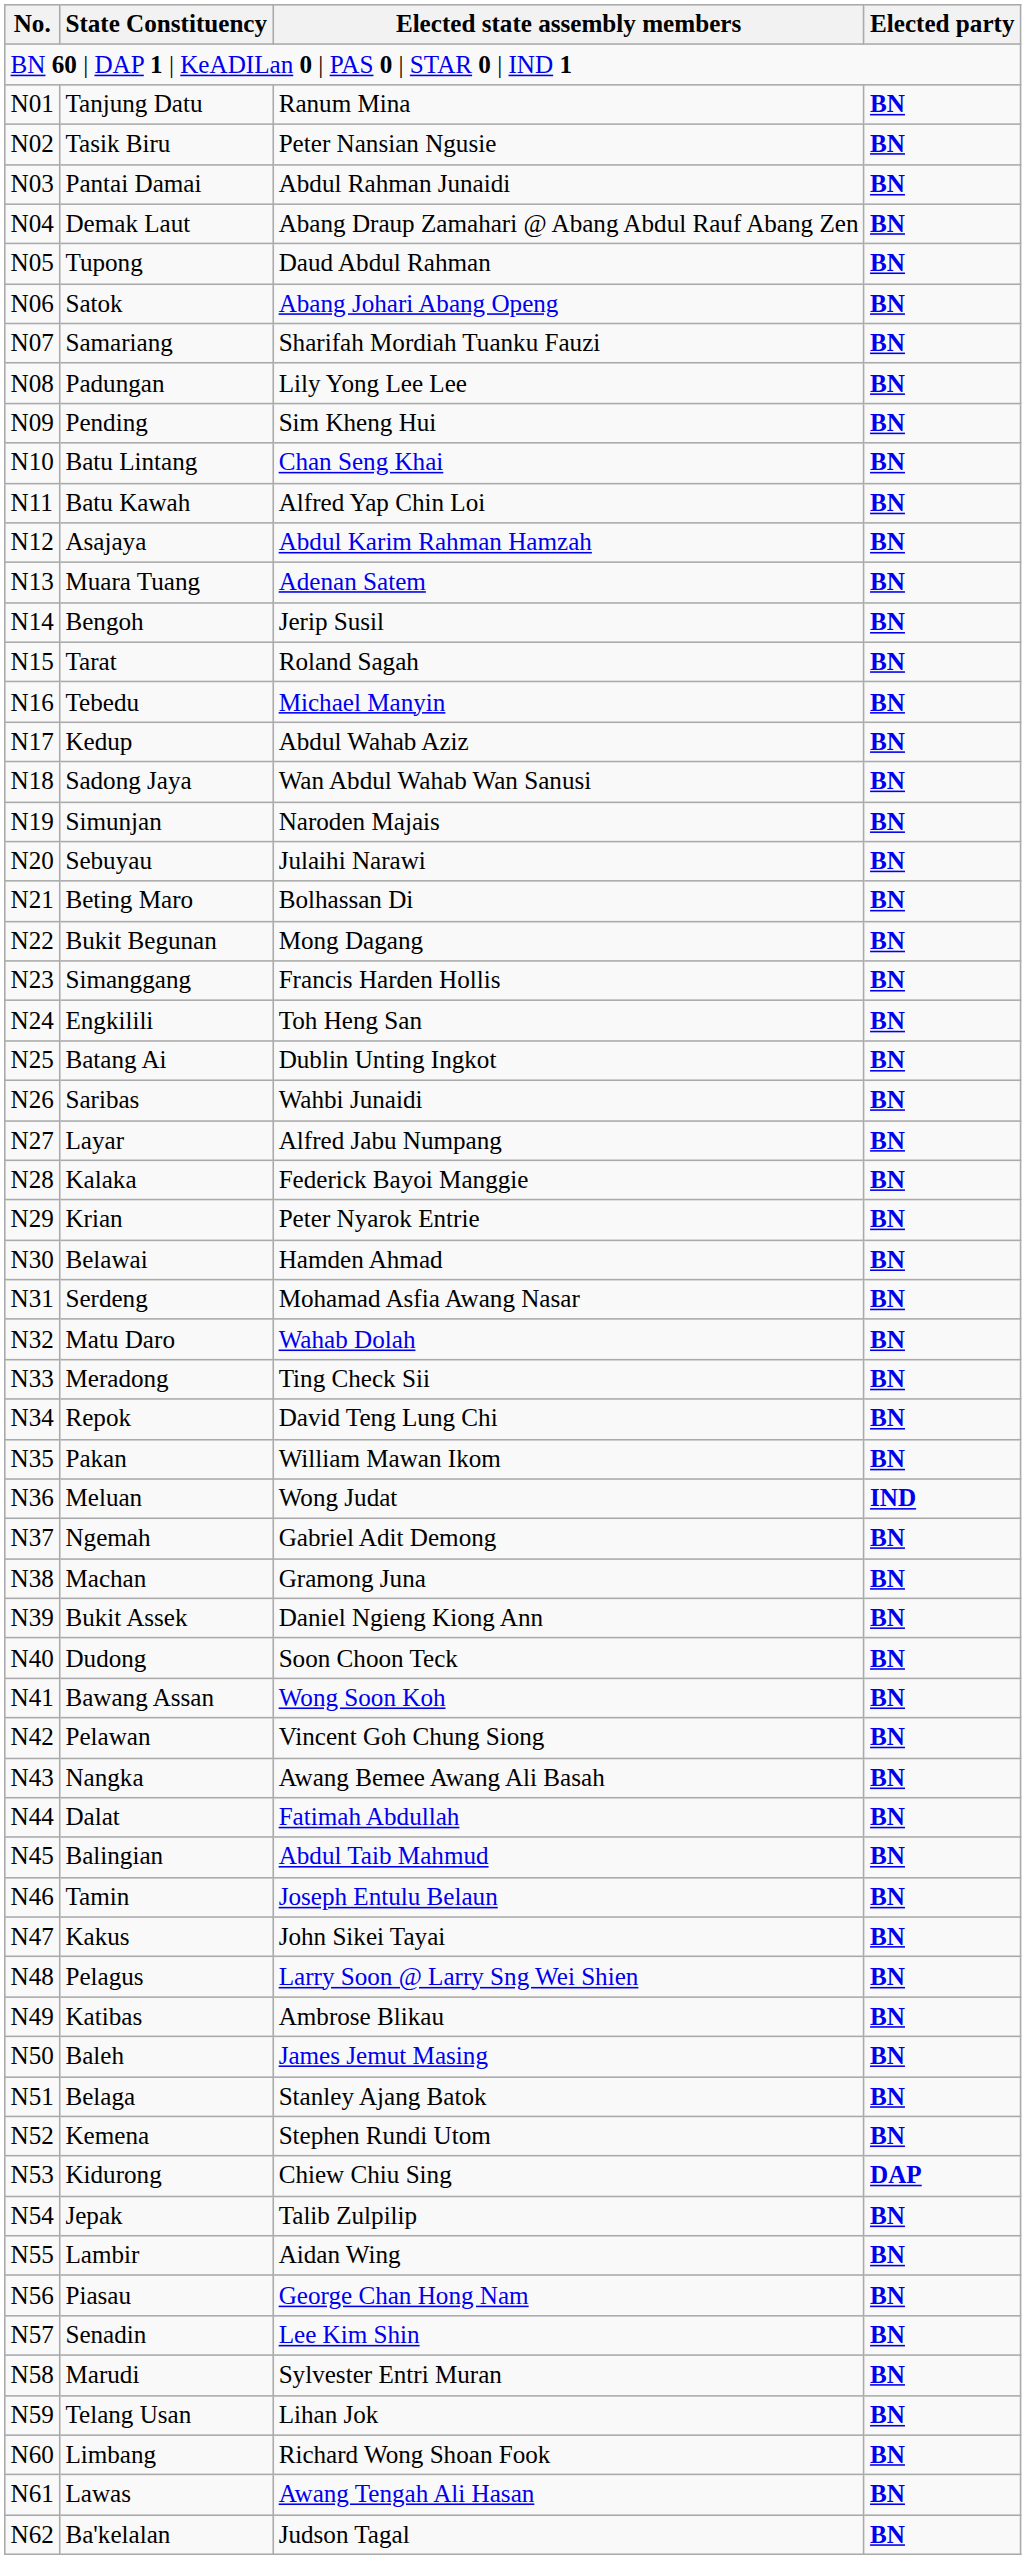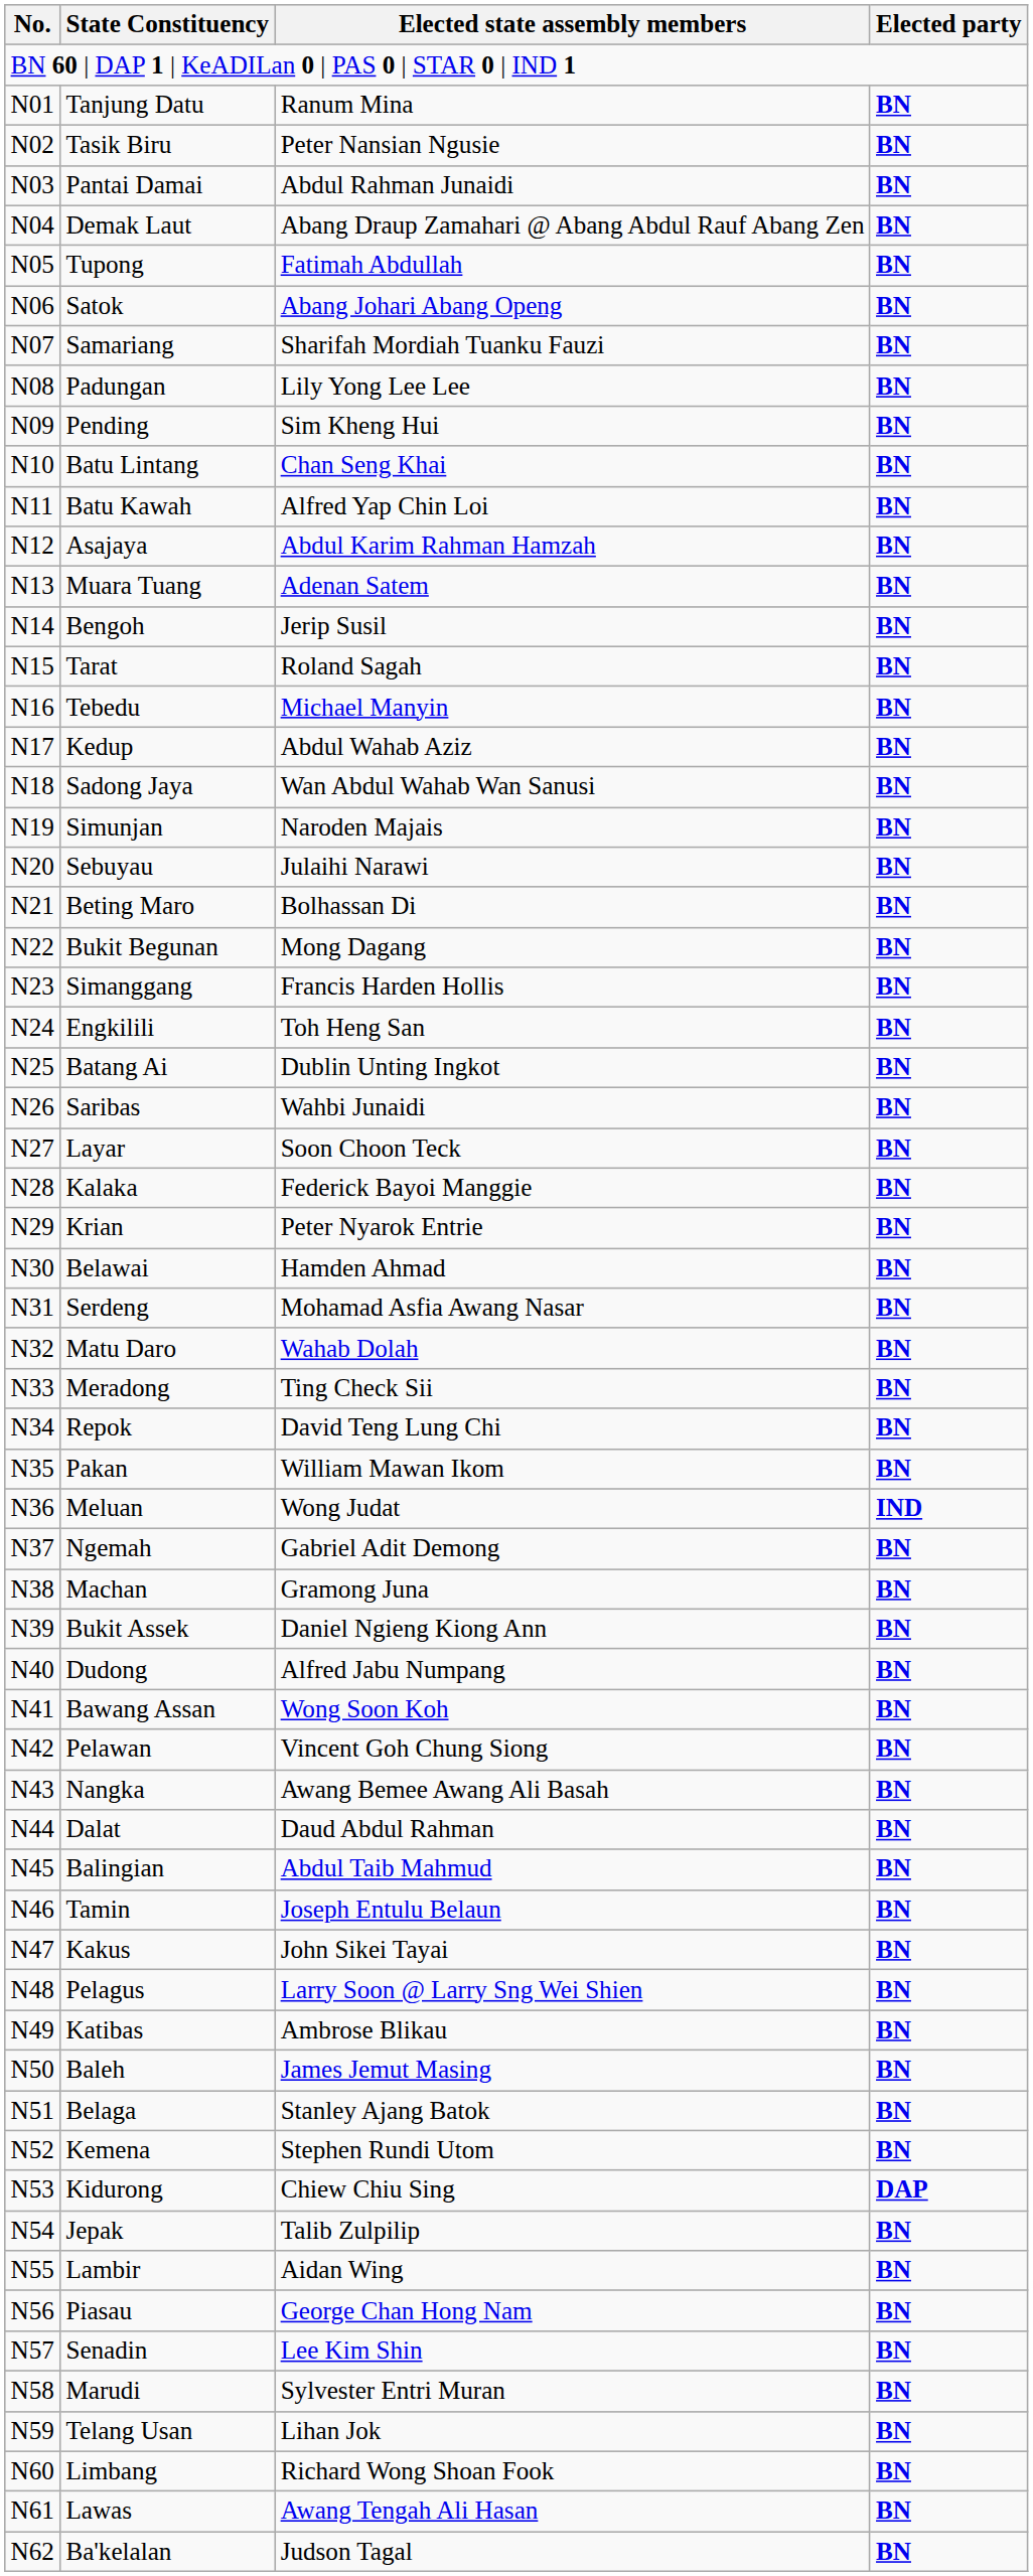 <table class="wikitable">
 <tr>
 <th>No.</th>
 <th>State Constituency</th>
 <th>Elected state assembly members</th>
 <th>Elected party</th>
 </tr>
 <tr>
 <td colspan = "8"><a href='#'>BN</a> <strong>60</strong> | <a href='#'>DAP</a> <strong>1</strong> | <a href='#'>KeADILan</a> <strong>0</strong> | <a href='#'>PAS</a> <strong>0</strong> | <a href='#'>STAR</a> <strong>0</strong> | <a href='#'>IND</a> <strong>1</strong></td>
 </tr>
 <tr>
 <td>N01</td>
 <td>Tanjung Datu</td>
 <td>Ranum Mina</td>
 <td><strong><a href='#'>BN</a></strong></td>
 </tr>
 <tr>
 <td>N02</td>
 <td>Tasik Biru</td>
 <td>Peter Nansian Ngusie</td>
 <td><strong><a href='#'>BN</a></strong></td>
 </tr>
 <tr>
 <td>N03</td>
 <td>Pantai Damai</td>
 <td>Abdul Rahman Junaidi</td>
 <td><strong><a href='#'>BN</a></strong></td>
 </tr>
 <tr>
 <td>N04</td>
 <td>Demak Laut</td>
 <td>Abang Draup Zamahari @ Abang Abdul Rauf Abang Zen</td>
 <td><strong><a href='#'>BN</a></strong></td>
 </tr>
 <tr>
 <td>N05</td>
 <td>Tupong</td>
-<td>Daud Abdul Rahman</td>
+<td><a href='#'>Fatimah Abdullah</a></td>
 <td><strong><a href='#'>BN</a></strong></td>
 </tr>
 <tr>
 <td>N06</td>
 <td>Satok</td>
 <td><a href='#'>Abang Johari Abang Openg</a></td>
 <td><strong><a href='#'>BN</a></strong></td>
 </tr>
 <tr>
 <td>N07</td>
 <td>Samariang</td>
 <td>Sharifah Mordiah Tuanku Fauzi</td>
 <td><strong><a href='#'>BN</a></strong></td>
 </tr>
 <tr>
 <td>N08</td>
 <td>Padungan</td>
 <td>Lily Yong Lee Lee</td>
 <td><strong><a href='#'>BN</a></strong></td>
 </tr>
 <tr>
 <td>N09</td>
 <td>Pending</td>
 <td>Sim Kheng Hui</td>
 <td><strong><a href='#'>BN</a></strong></td>
 </tr>
 <tr>
 <td>N10</td>
 <td>Batu Lintang</td>
 <td><a href='#'>Chan Seng Khai</a></td>
 <td><strong><a href='#'>BN</a></strong></td>
 </tr>
 <tr>
 <td>N11</td>
 <td>Batu Kawah</td>
 <td>Alfred Yap Chin Loi</td>
 <td><strong><a href='#'>BN</a></strong></td>
 </tr>
 <tr>
 <td>N12</td>
 <td>Asajaya</td>
 <td><a href='#'>Abdul Karim Rahman Hamzah</a></td>
 <td><strong><a href='#'>BN</a></strong></td>
 </tr>
 <tr>
 <td>N13</td>
 <td>Muara Tuang</td>
 <td><a href='#'>Adenan Satem</a></td>
 <td><strong><a href='#'>BN</a></strong></td>
 </tr>
 <tr>
 <td>N14</td>
 <td>Bengoh</td>
 <td>Jerip Susil</td>
 <td><strong><a href='#'>BN</a></strong></td>
 </tr>
 <tr>
 <td>N15</td>
 <td>Tarat</td>
 <td>Roland Sagah</td>
 <td><strong><a href='#'>BN</a></strong></td>
 </tr>
 <tr>
 <td>N16</td>
 <td>Tebedu</td>
 <td><a href='#'>Michael Manyin</a></td>
 <td><strong><a href='#'>BN</a></strong></td>
 </tr>
 <tr>
 <td>N17</td>
 <td>Kedup</td>
 <td>Abdul Wahab Aziz</td>
 <td><strong><a href='#'>BN</a></strong></td>
 </tr>
 <tr>
 <td>N18</td>
 <td>Sadong Jaya</td>
 <td>Wan Abdul Wahab Wan Sanusi</td>
 <td><strong><a href='#'>BN</a></strong></td>
 </tr>
 <tr>
 <td>N19</td>
 <td>Simunjan</td>
 <td>Naroden Majais</td>
 <td><strong><a href='#'>BN</a></strong></td>
 </tr>
 <tr>
 <td>N20</td>
 <td>Sebuyau</td>
 <td>Julaihi Narawi</td>
 <td><strong><a href='#'>BN</a></strong></td>
 </tr>
 <tr>
 <td>N21</td>
 <td>Beting Maro</td>
 <td>Bolhassan Di</td>
 <td><strong><a href='#'>BN</a></strong></td>
 </tr>
 <tr>
 <td>N22</td>
 <td>Bukit Begunan</td>
 <td>Mong Dagang</td>
 <td><strong><a href='#'>BN</a></strong></td>
 </tr>
 <tr>
 <td>N23</td>
 <td>Simanggang</td>
 <td>Francis Harden Hollis</td>
 <td><strong><a href='#'>BN</a></strong></td>
 </tr>
 <tr>
 <td>N24</td>
 <td>Engkilili</td>
 <td>Toh Heng San</td>
 <td><strong><a href='#'>BN</a></strong></td>
 </tr>
 <tr>
 <td>N25</td>
 <td>Batang Ai</td>
 <td>Dublin Unting Ingkot</td>
 <td><strong><a href='#'>BN</a></strong></td>
 </tr>
 <tr>
 <td>N26</td>
 <td>Saribas</td>
 <td>Wahbi Junaidi</td>
 <td><strong><a href='#'>BN</a></strong></td>
 </tr>
 <tr>
 <td>N27</td>
 <td>Layar</td>
-<td>Alfred Jabu Numpang</td>
+<td>Soon Choon Teck</td>
 <td><strong><a href='#'>BN</a></strong></td>
 </tr>
 <tr>
 <td>N28</td>
 <td>Kalaka</td>
 <td>Federick Bayoi Manggie</td>
 <td><strong><a href='#'>BN</a></strong></td>
 </tr>
 <tr>
 <td>N29</td>
 <td>Krian</td>
 <td>Peter Nyarok Entrie</td>
 <td><strong><a href='#'>BN</a></strong></td>
 </tr>
 <tr>
 <td>N30</td>
 <td>Belawai</td>
 <td>Hamden Ahmad</td>
 <td><strong><a href='#'>BN</a></strong></td>
 </tr>
 <tr>
 <td>N31</td>
 <td>Serdeng</td>
 <td>Mohamad Asfia Awang Nasar</td>
 <td><strong><a href='#'>BN</a></strong></td>
 </tr>
 <tr>
 <td>N32</td>
 <td>Matu Daro</td>
 <td><a href='#'>Wahab Dolah</a></td>
 <td><strong><a href='#'>BN</a></strong></td>
 </tr>
 <tr>
 <td>N33</td>
 <td>Meradong</td>
 <td>Ting Check Sii</td>
 <td><strong><a href='#'>BN</a></strong></td>
 </tr>
 <tr>
 <td>N34</td>
 <td>Repok</td>
 <td>David Teng Lung Chi</td>
 <td><strong><a href='#'>BN</a></strong></td>
 </tr>
 <tr>
 <td>N35</td>
 <td>Pakan</td>
 <td>William Mawan Ikom</td>
 <td><strong><a href='#'>BN</a></strong></td>
 </tr>
 <tr>
 <td>N36</td>
 <td>Meluan</td>
 <td>Wong Judat</td>
 <td><strong><a href='#'>IND</a></strong></td>
 </tr>
 <tr>
 <td>N37</td>
 <td>Ngemah</td>
 <td>Gabriel Adit Demong</td>
 <td><strong><a href='#'>BN</a></strong></td>
 </tr>
 <tr>
 <td>N38</td>
 <td>Machan</td>
 <td>Gramong Juna</td>
 <td><strong><a href='#'>BN</a></strong></td>
 </tr>
 <tr>
 <td>N39</td>
 <td>Bukit Assek</td>
 <td>Daniel Ngieng Kiong Ann</td>
 <td><strong><a href='#'>BN</a></strong></td>
 </tr>
 <tr>
 <td>N40</td>
 <td>Dudong</td>
-<td>Soon Choon Teck</td>
+<td>Alfred Jabu Numpang</td>
 <td><strong><a href='#'>BN</a></strong></td>
 </tr>
 <tr>
 <td>N41</td>
 <td>Bawang Assan</td>
 <td><a href='#'>Wong Soon Koh</a></td>
 <td><strong><a href='#'>BN</a></strong></td>
 </tr>
 <tr>
 <td>N42</td>
 <td>Pelawan</td>
 <td>Vincent Goh Chung Siong</td>
 <td><strong><a href='#'>BN</a></strong></td>
 </tr>
 <tr>
 <td>N43</td>
 <td>Nangka</td>
 <td>Awang Bemee Awang Ali Basah</td>
 <td><strong><a href='#'>BN</a></strong></td>
 </tr>
 <tr>
 <td>N44</td>
 <td>Dalat</td>
-<td><a href='#'>Fatimah Abdullah</a></td>
+<td>Daud Abdul Rahman</td>
 <td><strong><a href='#'>BN</a></strong></td>
 </tr>
 <tr>
 <td>N45</td>
 <td>Balingian</td>
 <td><a href='#'>Abdul Taib Mahmud</a></td>
 <td><strong><a href='#'>BN</a></strong></td>
 </tr>
 <tr>
 <td>N46</td>
 <td>Tamin</td>
 <td><a href='#'>Joseph Entulu Belaun</a></td>
 <td><strong><a href='#'>BN</a></strong></td>
 </tr>
 <tr>
 <td>N47</td>
 <td>Kakus</td>
 <td>John Sikei Tayai</td>
 <td><strong><a href='#'>BN</a></strong></td>
 </tr>
 <tr>
 <td>N48</td>
 <td>Pelagus</td>
 <td><a href='#'>Larry Soon @ Larry Sng Wei Shien</a></td>
 <td><strong><a href='#'>BN</a></strong></td>
 </tr>
 <tr>
 <td>N49</td>
 <td>Katibas</td>
 <td>Ambrose Blikau</td>
 <td><strong><a href='#'>BN</a></strong></td>
 </tr>
 <tr>
 <td>N50</td>
 <td>Baleh</td>
 <td><a href='#'>James Jemut Masing</a></td>
 <td><strong><a href='#'>BN</a></strong></td>
 </tr>
 <tr>
 <td>N51</td>
 <td>Belaga</td>
 <td>Stanley Ajang Batok</td>
 <td><strong><a href='#'>BN</a></strong></td>
 </tr>
 <tr>
 <td>N52</td>
 <td>Kemena</td>
 <td>Stephen Rundi Utom</td>
 <td><strong><a href='#'>BN</a></strong></td>
 </tr>
 <tr>
 <td>N53</td>
 <td>Kidurong</td>
 <td>Chiew Chiu Sing</td>
 <td><strong><a href='#'>DAP</a></strong></td>
 </tr>
 <tr>
 <td>N54</td>
 <td>Jepak</td>
 <td>Talib Zulpilip</td>
 <td><strong><a href='#'>BN</a></strong></td>
 </tr>
 <tr>
 <td>N55</td>
 <td>Lambir</td>
 <td>Aidan Wing</td>
 <td><strong><a href='#'>BN</a></strong></td>
 </tr>
 <tr>
 <td>N56</td>
 <td>Piasau</td>
 <td><a href='#'>George Chan Hong Nam</a></td>
 <td><strong><a href='#'>BN</a></strong></td>
 </tr>
 <tr>
 <td>N57</td>
 <td>Senadin</td>
 <td><a href='#'>Lee Kim Shin</a></td>
 <td><strong><a href='#'>BN</a></strong></td>
 </tr>
 <tr>
 <td>N58</td>
 <td>Marudi</td>
 <td>Sylvester Entri Muran</td>
 <td><strong><a href='#'>BN</a></strong></td>
 </tr>
 <tr>
 <td>N59</td>
 <td>Telang Usan</td>
 <td>Lihan Jok</td>
 <td><strong><a href='#'>BN</a></strong></td>
 </tr>
 <tr>
 <td>N60</td>
 <td>Limbang</td>
 <td>Richard Wong Shoan Fook</td>
 <td><strong><a href='#'>BN</a></strong></td>
 </tr>
 <tr>
 <td>N61</td>
 <td>Lawas</td>
 <td><a href='#'>Awang Tengah Ali Hasan</a></td>
 <td><strong><a href='#'>BN</a></strong></td>
 </tr>
 <tr>
 <td>N62</td>
 <td>Ba'kelalan</td>
 <td>Judson Tagal</td>
 <td><strong><a href='#'>BN</a></strong></td>
 </tr>
 <tr>
 </tr>
 </table>
